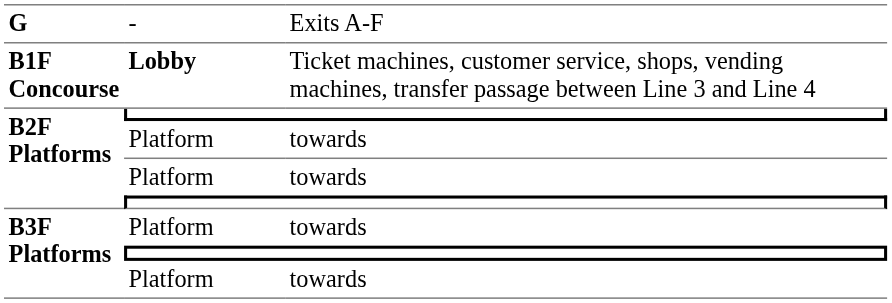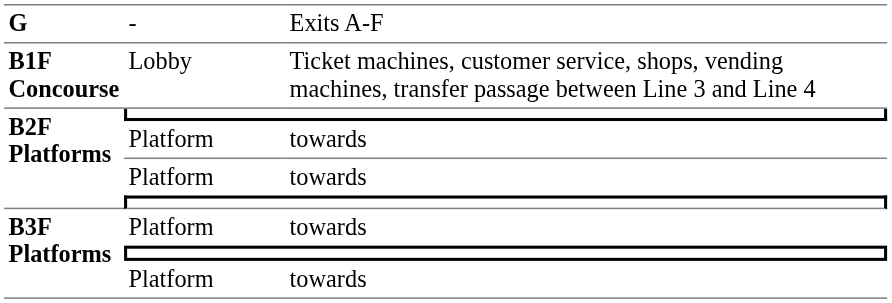 <table table border=0 cellspacing=0 cellpadding=3>
 <tr>
 <td style="border-top:solid 1px gray;" width=50 valign=top><strong>G</strong></td>
 <td style="border-top:solid 1px gray;" width=100 valign=top>-</td>
 <td style="border-top:solid 1px gray;" width=390 valign=top>Exits A-F</td>
 </tr>
 <tr>
 <td style="border-bottom:solid 1px gray; border-top:solid 1px gray;" valign=top width=50><strong>B1F<br>Concourse</strong></td>
-<td style="border-bottom:solid 1px gray; border-top:solid 1px gray;" valign=top width=100><strong>Lobby</strong></td>
+<td style="border-bottom:solid 1px gray; border-top:solid 1px gray;" valign=top width=100>Lobby</td>
 <td style="border-bottom:solid 1px gray; border-top:solid 1px gray;" valign=top width=390>Ticket machines, customer service, shops, vending machines, transfer passage between Line 3 and Line 4</td>
 </tr>
 <tr>
 <td style="border-bottom:solid 1px gray;" rowspan=4 valign=top><strong>B2F<br> Platforms</strong></td>
 <td style="border-right:solid 2px black;border-left:solid 2px black;border-bottom:solid 2px black;text-align:center;" colspan=2></td>
 </tr>
 <tr>
 <td style="border-bottom:solid 1px gray;" width=100>Platform </td>
 <td style="border-bottom:solid 1px gray;" width=330>  towards  </td>
 </tr>
 <tr>
 <td>Platform </td>
 <td>  towards   </td>
 </tr>
 <tr>
 <td style="border-top:solid 2px black;border-right:solid 2px black;border-left:solid 2px black;border-bottom:solid 1px gray;font-size:smaller;text-align:center;" colspan=2></td>
 </tr>
 <tr>
 <td style="border-bottom:solid 1px gray;" rowspan="3" valign=top><strong>B3F<br> Platforms</strong></td>
 <td>Platform </td>
 <td>  towards  </td>
 </tr>
 <tr>
 <td style="border-right:solid 2px black;border-left:solid 2px black;border-top:solid 2px black;border-bottom:solid 2px black;text-align:center;" colspan=2></td>
 </tr>
 <tr>
 <td style="border-bottom:solid 1px gray;">Platform </td>
 <td style="border-bottom:solid 1px gray;">  towards   </td>
 </tr>
 </table>
